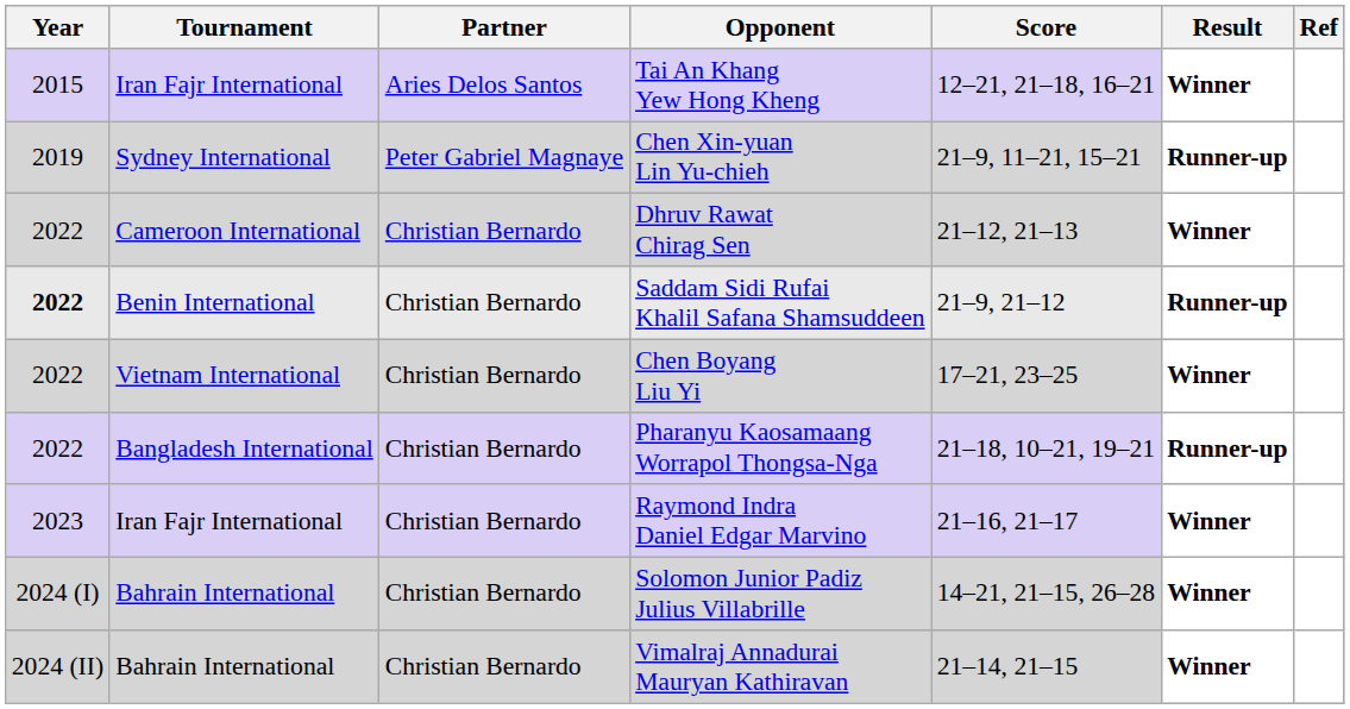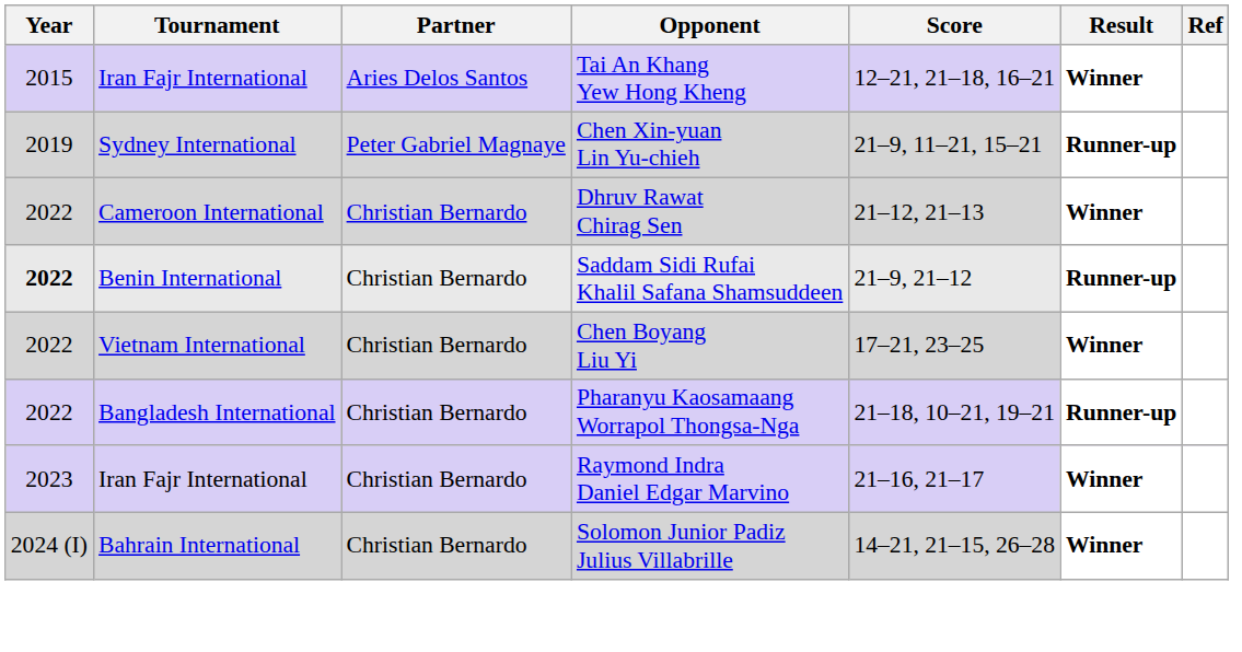 <table class="sortable wikitable" style="font-size: 90%;">
 <tr>
 <th>Year</th>
 <th>Tournament</th>
 <th>Partner</th>
 <th>Opponent</th>
 <th>Score</th>
 <th>Result</th>
 <th>Ref</th>
 </tr>
 <tr style="background:#D8CEF6">
 <td align="center">2015</td>
 <td align="left"><a href='#'>Iran Fajr International</a></td>
 <td align="left"> <a href='#'>Aries Delos Santos</a></td>
 <td align="left"> <a href='#'>Tai An Khang</a><br> <a href='#'>Yew Hong Kheng</a></td>
 <td align="left">12–21, 21–18, 16–21</td>
 <td style="text-align:left; background:white"> <strong>Winner</strong></td>
 <td style="text-align:center; background:white"></td>
 </tr>
 <tr style="background:#D5D5D5">
 <td align="center">2019</td>
 <td align="left"><a href='#'>Sydney International</a></td>
 <td align="left"> <a href='#'>Peter Gabriel Magnaye</a></td>
 <td align="left"> <a href='#'>Chen Xin-yuan</a><br> <a href='#'>Lin Yu-chieh</a></td>
 <td align="left">21–9, 11–21, 15–21</td>
 <td style="text-align:left; background:white"> <strong>Runner-up</strong></td>
 <td style="text-align:center; background:white"></td>
 </tr>
 <tr style="background:#D5D5D5">
 <td align="center">2022</td>
 <td align="left"><a href='#'>Cameroon International</a></td>
 <td align="left"> <a href='#'>Christian Bernardo</a></td>
 <td align="left"> <a href='#'>Dhruv Rawat</a><br> <a href='#'>Chirag Sen</a></td>
 <td align="left">21–12, 21–13</td>
 <td style="text-align:left; background:white"> <strong>Winner</strong></td>
 <td style="text-align:center; background:white"></td>
 </tr>
 <tr style="background:#E9E9E9">
 <td align="center"><strong>2022</strong></td>
 <td align="left"><a href='#'>Benin International</a></td>
 <td align="left"> Christian Bernardo</td>
 <td align="left"> <a href='#'>Saddam Sidi Rufai</a><br> <a href='#'>Khalil Safana Shamsuddeen</a></td>
 <td align="left">21–9, 21–12</td>
 <td style="text-align:left; background:white"> <strong>Runner-up</strong></td>
 <td style="text-align:center; background:white"></td>
 </tr>
 <tr style="background:#D5D5D5">
 <td align="center">2022</td>
 <td align="left"><a href='#'>Vietnam International</a></td>
 <td align="left"> Christian Bernardo</td>
 <td align="left"> <a href='#'>Chen Boyang</a><br> <a href='#'>Liu Yi</a></td>
 <td align="left">17–21, 23–25</td>
 <td style="text-align:left; background:white"> <strong>Winner</strong></td>
 <td style="text-align:center; background:white"></td>
 </tr>
 <tr style="background:#D8CEF6">
 <td align="center">2022</td>
 <td align="left"><a href='#'>Bangladesh International</a></td>
 <td align="left"> Christian Bernardo</td>
 <td align="left"> <a href='#'>Pharanyu Kaosamaang</a><br> <a href='#'>Worrapol Thongsa-Nga</a></td>
 <td align="left">21–18, 10–21, 19–21</td>
 <td style="text-align:left; background:white"> <strong>Runner-up</strong></td>
 <td style="text-align:center; background:white"></td>
 </tr>
 <tr style="background:#D8CEF6">
 <td align="center">2023</td>
 <td align="left">Iran Fajr International</td>
 <td align="left"> Christian Bernardo</td>
 <td align="left"> <a href='#'>Raymond Indra</a><br> <a href='#'>Daniel Edgar Marvino</a></td>
 <td align="left">21–16, 21–17</td>
 <td style="text-align:left; background:white"> <strong>Winner</strong></td>
 <td style="text-align:center; background:white"></td>
 </tr>
 <tr style="background:#D5D5D5">
 <td align="center">2024 (I)</td>
 <td align="left"><a href='#'>Bahrain International</a></td>
 <td align="left"> Christian Bernardo</td>
 <td align="left"> <a href='#'>Solomon Junior Padiz</a><br> <a href='#'>Julius Villabrille</a></td>
 <td align="left">14–21, 21–15, 26–28</td>
 <td style="text-align:left; background:white"> <strong>Winner</strong></td>
 <td style="text-align:center; background:white"></td>
 </tr>
-<tr style="background:#D5D5D5">
-<td align="center">2024 (II)</td>
-<td align="left">Bahrain International</td>
-<td align="left"> Christian Bernardo</td>
-<td align="left"> <a href='#'>Vimalraj Annadurai</a><br> <a href='#'>Mauryan Kathiravan</a></td>
-<td align="left">21–14, 21–15</td>
-<td style="text-align:left; background:white"> <strong>Winner</strong></td>
-<td style="text-align:center; background:white"></td>
-</tr>
 </table>
